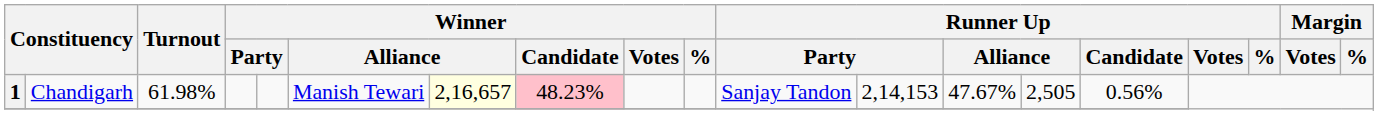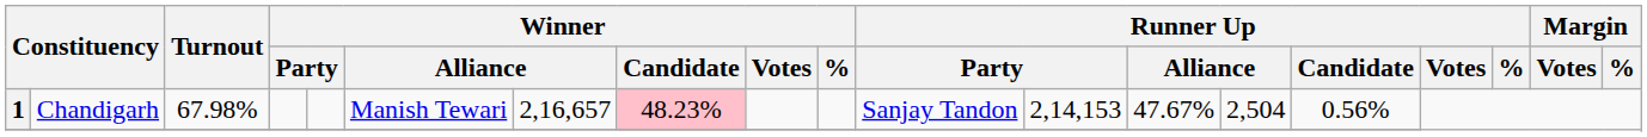 <table class="wikitable sortable" style="text-align:center;">
 <tr>
 <th colspan="2" rowspan="2">Constituency</th>
 <th rowspan="2">Turnout</th>
 <th colspan="7">Winner</th>
 <th colspan="7">Runner Up</th>
 <th colspan="2">Margin</th>
 </tr>
 <tr>
 <th colspan="2">Party</th>
 <th colspan="2">Alliance</th>
 <th>Candidate</th>
 <th>Votes</th>
 <th>%</th>
 <th colspan="2">Party</th>
 <th colspan="2">Alliance</th>
 <th>Candidate</th>
 <th>Votes</th>
 <th>%</th>
 <th>Votes</th>
 <th>%</th>
 </tr>
 <tr>
 <th>1</th>
 <td><a href='#'>Chandigarh</a></td>
-<td>61.98%</td>
+<td>67.98%</td>
 <td></td>
 <td></td>
 <td><a href='#'>Manish Tewari</a></td>
-<td style="background: lightyellow;">2,16,657</td>
+<td>2,16,657</td>
 <td style="background: pink;">48.23%</td>
 <td></td>
 <td></td>
 <td><a href='#'>Sanjay Tandon</a></td>
 <td>2,14,153</td>
 <td>47.67%</td>
-<td style="background:">2,505</td>
+<td style="background:">2,504</td>
 <td style="background:">0.56%</td>
 </tr>
 <tr>
 </tr>
 </table>
